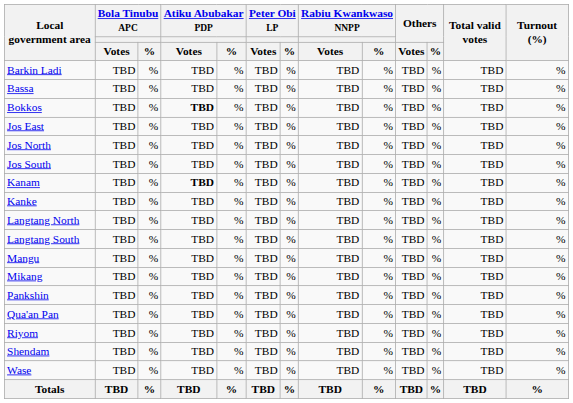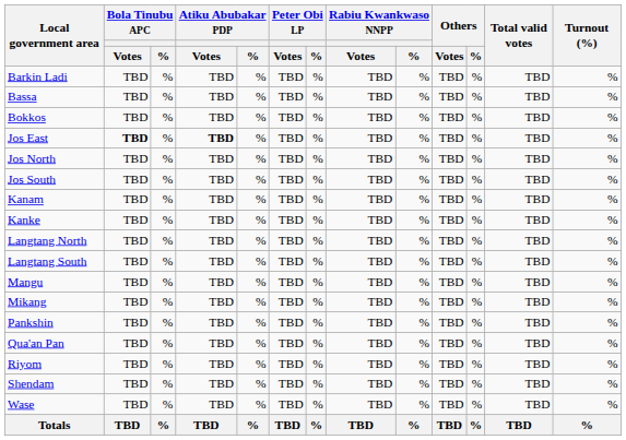 <table class="wikitable sortable" style="text-align:right; font-size:90%">
 <tr>
 <th rowspan="3" style="max-width:7.5em;">Local government area</th>
 <th colspan="2"><a href='#'>Bola Tinubu</a><br><small>APC</small></th>
 <th colspan="2"><a href='#'>Atiku Abubakar</a><br><small>PDP</small></th>
 <th colspan="2"><a href='#'>Peter Obi</a><br><small>LP</small></th>
 <th colspan="2"><a href='#'>Rabiu Kwankwaso</a><br><small>NNPP</small></th>
 <th colspan="2" rowspan="2">Others</th>
 <th rowspan="3" style="max-width:5em;">Total valid votes</th>
 <th rowspan="3" style="max-width:5em;">Turnout (%)</th>
 </tr>
 <tr>
 <th colspan=2 style="background-color:"></th>
 <th colspan=2 style="background-color:"></th>
 <th colspan=2 style="background-color:"></th>
 <th colspan=2 style="background-color:"></th>
 </tr>
 <tr>
 <th>Votes</th>
 <th>%</th>
 <th>Votes</th>
 <th>%</th>
 <th>Votes</th>
 <th>%</th>
 <th>Votes</th>
 <th>%</th>
 <th>Votes</th>
 <th>%</th>
 </tr>
 <tr style="background-color:#">
 <td style="text-align:left;"><a href='#'>Barkin Ladi</a></td>
 <td>TBD</td>
 <td>%</td>
 <td>TBD</td>
 <td>%</td>
 <td>TBD</td>
 <td>%</td>
 <td>TBD</td>
 <td>%</td>
 <td>TBD</td>
 <td>%</td>
 <td>TBD</td>
 <td>%</td>
 </tr>
 <tr style="background-color:#">
 <td style="text-align:left;"><a href='#'>Bassa</a></td>
 <td>TBD</td>
 <td>%</td>
 <td>TBD</td>
 <td>%</td>
 <td>TBD</td>
 <td>%</td>
 <td>TBD</td>
 <td>%</td>
 <td>TBD</td>
 <td>%</td>
 <td>TBD</td>
 <td>%</td>
 </tr>
 <tr style="background-color:#">
 <td style="text-align:left;"><a href='#'>Bokkos</a></td>
 <td>TBD</td>
 <td>%</td>
-<td><strong>TBD</strong></td>
+<td>TBD</td>
 <td>%</td>
 <td>TBD</td>
 <td>%</td>
 <td>TBD</td>
 <td>%</td>
 <td>TBD</td>
 <td>%</td>
 <td>TBD</td>
 <td>%</td>
 </tr>
 <tr style="background-color:#">
 <td style="text-align:left;"><a href='#'>Jos East</a></td>
-<td>TBD</td>
+<td><strong>TBD</strong></td>
 <td>%</td>
-<td>TBD</td>
+<td><strong>TBD</strong></td>
 <td>%</td>
 <td>TBD</td>
 <td>%</td>
 <td>TBD</td>
 <td>%</td>
 <td>TBD</td>
 <td>%</td>
 <td>TBD</td>
 <td>%</td>
 </tr>
 <tr style="background-color:#">
 <td style="text-align:left;"><a href='#'>Jos North</a></td>
 <td>TBD</td>
 <td>%</td>
 <td>TBD</td>
 <td>%</td>
 <td>TBD</td>
 <td>%</td>
 <td>TBD</td>
 <td>%</td>
 <td>TBD</td>
 <td>%</td>
 <td>TBD</td>
 <td>%</td>
 </tr>
 <tr style="background-color:#">
 <td style="text-align:left;"><a href='#'>Jos South</a></td>
 <td>TBD</td>
 <td>%</td>
 <td>TBD</td>
 <td>%</td>
 <td>TBD</td>
 <td>%</td>
 <td>TBD</td>
 <td>%</td>
 <td>TBD</td>
 <td>%</td>
 <td>TBD</td>
 <td>%</td>
 </tr>
 <tr style="background-color:#">
 <td style="text-align:left;"><a href='#'>Kanam</a></td>
 <td>TBD</td>
 <td>%</td>
-<td><strong>TBD</strong></td>
+<td>TBD</td>
 <td>%</td>
 <td>TBD</td>
 <td>%</td>
 <td>TBD</td>
 <td>%</td>
 <td>TBD</td>
 <td>%</td>
 <td>TBD</td>
 <td>%</td>
 </tr>
 <tr style="background-color:#">
 <td style="text-align:left;"><a href='#'>Kanke</a></td>
 <td>TBD</td>
 <td>%</td>
 <td>TBD</td>
 <td>%</td>
 <td>TBD</td>
 <td>%</td>
 <td>TBD</td>
 <td>%</td>
 <td>TBD</td>
 <td>%</td>
 <td>TBD</td>
 <td>%</td>
 </tr>
 <tr style="background-color:#">
 <td style="text-align:left;"><a href='#'>Langtang North</a></td>
 <td>TBD</td>
 <td>%</td>
 <td>TBD</td>
 <td>%</td>
 <td>TBD</td>
 <td>%</td>
 <td>TBD</td>
 <td>%</td>
 <td>TBD</td>
 <td>%</td>
 <td>TBD</td>
 <td>%</td>
 </tr>
 <tr style="background-color:#">
 <td style="text-align:left;"><a href='#'>Langtang South</a></td>
 <td>TBD</td>
 <td>%</td>
 <td>TBD</td>
 <td>%</td>
 <td>TBD</td>
 <td>%</td>
 <td>TBD</td>
 <td>%</td>
 <td>TBD</td>
 <td>%</td>
 <td>TBD</td>
 <td>%</td>
 </tr>
 <tr style="background-color:#">
 <td style="text-align:left;"><a href='#'>Mangu</a></td>
 <td>TBD</td>
 <td>%</td>
 <td>TBD</td>
 <td>%</td>
 <td>TBD</td>
 <td>%</td>
 <td>TBD</td>
 <td>%</td>
 <td>TBD</td>
 <td>%</td>
 <td>TBD</td>
 <td>%</td>
 </tr>
 <tr style="background-color:#">
 <td style="text-align:left;"><a href='#'>Mikang</a></td>
 <td>TBD</td>
 <td>%</td>
 <td>TBD</td>
 <td>%</td>
 <td>TBD</td>
 <td>%</td>
 <td>TBD</td>
 <td>%</td>
 <td>TBD</td>
 <td>%</td>
 <td>TBD</td>
 <td>%</td>
 </tr>
 <tr style="background-color:#">
 <td style="text-align:left;"><a href='#'>Pankshin</a></td>
 <td>TBD</td>
 <td>%</td>
 <td>TBD</td>
 <td>%</td>
 <td>TBD</td>
 <td>%</td>
 <td>TBD</td>
 <td>%</td>
 <td>TBD</td>
 <td>%</td>
 <td>TBD</td>
 <td>%</td>
 </tr>
 <tr style="background-color:#">
 <td style="text-align:left;"><a href='#'>Qua'an Pan</a></td>
 <td>TBD</td>
 <td>%</td>
 <td>TBD</td>
 <td>%</td>
 <td>TBD</td>
 <td>%</td>
 <td>TBD</td>
 <td>%</td>
 <td>TBD</td>
 <td>%</td>
 <td>TBD</td>
 <td>%</td>
 </tr>
 <tr style="background-color:#">
 <td style="text-align:left;"><a href='#'>Riyom</a></td>
 <td>TBD</td>
 <td>%</td>
 <td>TBD</td>
 <td>%</td>
 <td>TBD</td>
 <td>%</td>
 <td>TBD</td>
 <td>%</td>
 <td>TBD</td>
 <td>%</td>
 <td>TBD</td>
 <td>%</td>
 </tr>
 <tr style="background-color:#">
 <td style="text-align:left;"><a href='#'>Shendam</a></td>
 <td>TBD</td>
 <td>%</td>
 <td>TBD</td>
 <td>%</td>
 <td>TBD</td>
 <td>%</td>
 <td>TBD</td>
 <td>%</td>
 <td>TBD</td>
 <td>%</td>
 <td>TBD</td>
 <td>%</td>
 </tr>
 <tr style="background-color:#">
 <td style="text-align:left;"><a href='#'>Wase</a></td>
 <td>TBD</td>
 <td>%</td>
 <td>TBD</td>
 <td>%</td>
 <td>TBD</td>
 <td>%</td>
 <td>TBD</td>
 <td>%</td>
 <td>TBD</td>
 <td>%</td>
 <td>TBD</td>
 <td>%</td>
 </tr>
 <tr>
 <th>Totals</th>
 <th>TBD</th>
 <th>%</th>
 <th>TBD</th>
 <th>%</th>
 <th>TBD</th>
 <th>%</th>
 <th>TBD</th>
 <th>%</th>
 <th>TBD</th>
 <th>%</th>
 <th>TBD</th>
 <th>%</th>
 </tr>
 </table>
